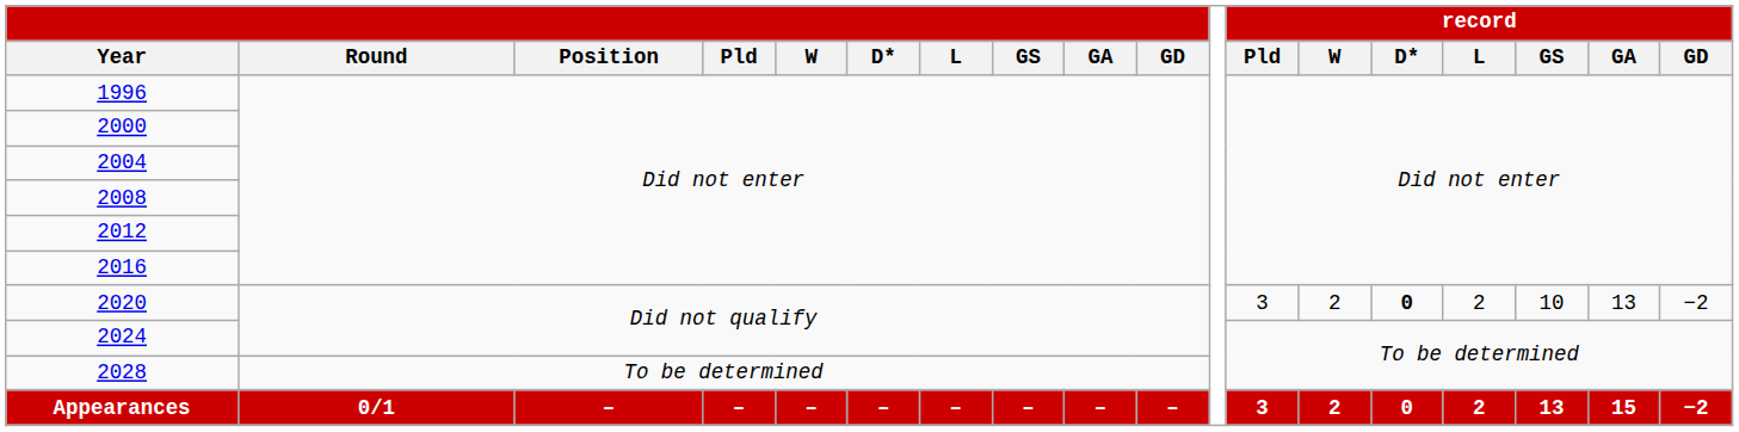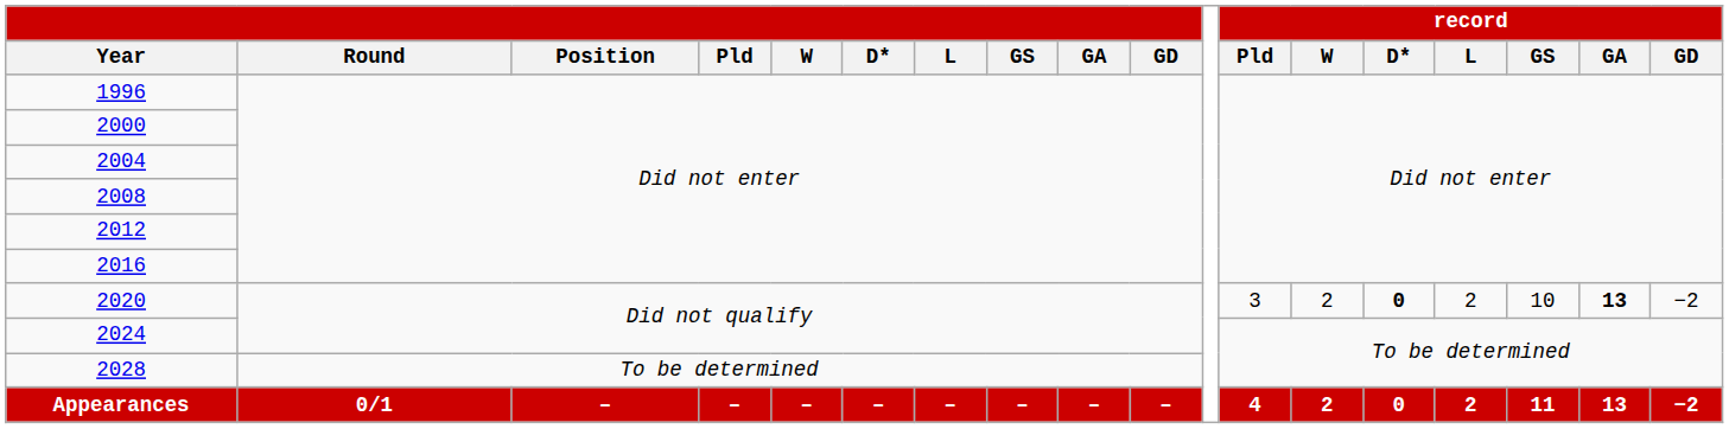 <table class="wikitable" style="text-align: center;font-size:90%;">
 <tr>
 <th colspan="10" style="background: #CC0000; color: #FFFFFF;"><a href='#'></a></th>
 <th style="width:1%;background:white" rowspan="15"></th>
 <th colspan="7" style="color:white; background:#CC0000;"><a href='#'></a> record</th>
 </tr>
 <tr>
 <th width=125>Year</th>
 <th width=150>Round</th>
 <th width=100>Position</th>
 <th width=35>Pld</th>
 <th width=35>W</th>
 <th width=35>D*</th>
 <th width=35>L</th>
 <th width=35>GS</th>
 <th width=35>GA</th>
 <th width=35>GD</th>
 <th width=35>Pld</th>
 <th width=35>W</th>
 <th width=35>D*</th>
 <th width=35>L</th>
 <th width=35>GS</th>
 <th width=35>GA</th>
 <th width=35>GD</th>
 </tr>
 <tr>
 <td> <a href='#'>1996</a></td>
 <td colspan="9" rowspan="6"><em>Did not enter</em></td>
 <td colspan="7" rowspan="6"><em>Did not enter</em></td>
 </tr>
 <tr>
 <td> <a href='#'>2000</a></td>
 </tr>
 <tr>
 <td> <a href='#'>2004</a></td>
 </tr>
 <tr>
 <td> <a href='#'>2008</a></td>
 </tr>
 <tr>
 <td> <a href='#'>2012</a></td>
 </tr>
 <tr>
 <td> <a href='#'>2016</a></td>
 </tr>
 <tr>
 <td> <a href='#'>2020</a></td>
 <td colspan="9" rowspan="2"><em>Did not qualify</em></td>
 <td>3</td>
 <td>2</td>
 <td><strong>0</strong></td>
 <td>2</td>
 <td>10</td>
-<td>13</td>
+<td><strong>13</strong></td>
 <td>−2</td>
 </tr>
 <tr>
 <td> <a href='#'>2024</a></td>
 <td colspan="9" rowspan="2"><em>To be determined</em></td>
 </tr>
 <tr>
 <td> <a href='#'>2028</a></td>
 <td colspan="9"><em>To be determined</em></td>
 </tr>
 <tr>
 <td colspan=1 style="background: #CC0000; color: #FFFFFF;"><strong>Appearances</strong></td>
 <td style="background: #CC0000; color: #FFFFFF;"><strong>0/1</strong></td>
 <td style="background: #CC0000; color: #FFFFFF;"><strong>–</strong></td>
 <td style="background: #CC0000; color: #FFFFFF;"><strong>–</strong></td>
 <td style="background: #CC0000; color: #FFFFFF;"><strong>–</strong></td>
 <td style="background: #CC0000; color: #FFFFFF;"><strong>–</strong></td>
 <td style="background: #CC0000; color: #FFFFFF;"><strong>–</strong></td>
 <td style="background: #CC0000; color: #FFFFFF;"><strong>–</strong></td>
 <td style="background: #CC0000; color: #FFFFFF;"><strong>–</strong></td>
 <td style="background: #CC0000; color: #FFFFFF;"><strong>–</strong></td>
-<td style="background: #CC0000; color: #FFFFFF;"><strong>3</strong></td>
+<td style="background: #CC0000; color: #FFFFFF;"><strong>4</strong></td>
 <td style="background: #CC0000; color: #FFFFFF;"><strong>2</strong></td>
 <td style="background: #CC0000; color: #FFFFFF;"><strong>0</strong></td>
 <td style="background: #CC0000; color: #FFFFFF;"><strong>2</strong></td>
+<td style="background: #CC0000; color: #FFFFFF;"><strong>11</strong></td>
 <td style="background: #CC0000; color: #FFFFFF;"><strong>13</strong></td>
-<td style="background: #CC0000; color: #FFFFFF;"><strong>15</strong></td>
 <td style="background: #CC0000; color: #FFFFFF;"><strong>−2</strong></td>
 </tr>
 </table>
